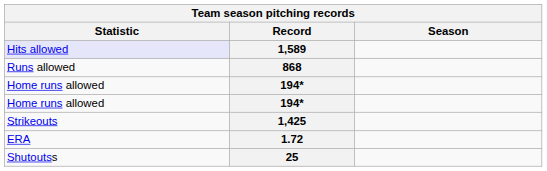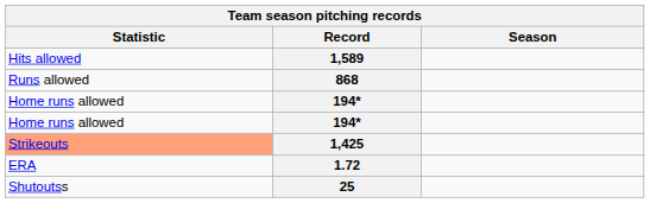 <table class="wikitable sortable" style="text-align:left" width="60%">
 <tr>
 <th colspan=5>Team season pitching records</th>
 </tr>
 <tr>
 <th scope="col" width=18%>Statistic</th>
 <th scope="col" class="unsortable" width=10%>Record</th>
 <th scope="col" width=15%>Season</th>
 </tr>
 <tr>
-<td style="background: lavender;"><a href='#'>Hits allowed</a></td>
+<td><a href='#'>Hits allowed</a></td>
 <th scope="row">1,589</th>
 <td></td>
 </tr>
 <tr>
 <td><a href='#'>Runs</a> allowed</td>
 <th scope="row">868</th>
 <td></td>
 </tr>
 <tr>
 <td><a href='#'>Home runs</a> allowed</td>
 <th scope="row">194*</th>
 <td></td>
 </tr>
 <tr>
 <td><a href='#'>Home runs</a> allowed</td>
 <th scope="row">194*</th>
 <td></td>
 </tr>
 <tr>
-<td><a href='#'>Strikeouts</a></td>
+<td style="background: lightsalmon;"><a href='#'>Strikeouts</a></td>
 <th scope="row">1,425</th>
 <td></td>
 </tr>
 <tr>
 <td><a href='#'>ERA</a></td>
 <th scope="row">1.72</th>
 <td></td>
 </tr>
 <tr>
 <td><a href='#'>Shutouts</a>s</td>
 <th scope="row">25</th>
 <td></td>
 </tr>
 </table>
